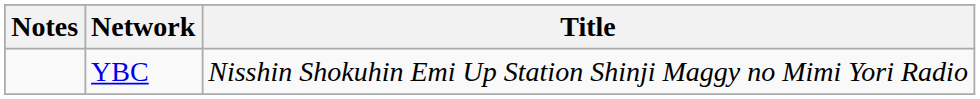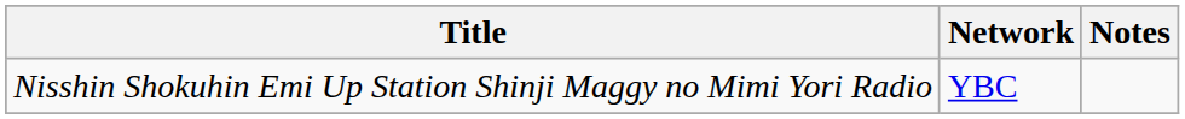 <table class="wikitable">
 <tr>
+<th>Title</th>
+<th>Network</th>
 <th>Notes</th>
-<th>Network</th>
-<th>Title</th>
 </tr>
 <tr>
+<td><em>Nisshin Shokuhin Emi Up Station Shinji Maggy no Mimi Yori Radio</em></td>
+<td><a href='#'>YBC</a></td>
 <td></td>
-<td><a href='#'>YBC</a></td>
-<td><em>Nisshin Shokuhin Emi Up Station Shinji Maggy no Mimi Yori Radio</em></td>
 </tr>
 </table>
